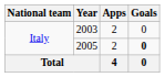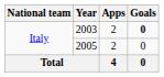 <table class="wikitable" style="text-align:center">
 <tr>
 <th>National team</th>
 <th>Year</th>
 <th>Apps</th>
 <th>Goals</th>
 </tr>
 <tr>
 <td rowspan="2"><a href='#'>Italy</a></td>
 <td>2003</td>
 <td>2</td>
-<td>0</td>
+<td><strong>0</strong></td>
 </tr>
 <tr>
 <td>2005</td>
 <td>2</td>
-<td><strong>0</strong></td>
+<td>0</td>
 </tr>
 <tr>
 <th colspan="2">Total</th>
 <th>4</th>
 <th>0</th>
 </tr>
 </table>
